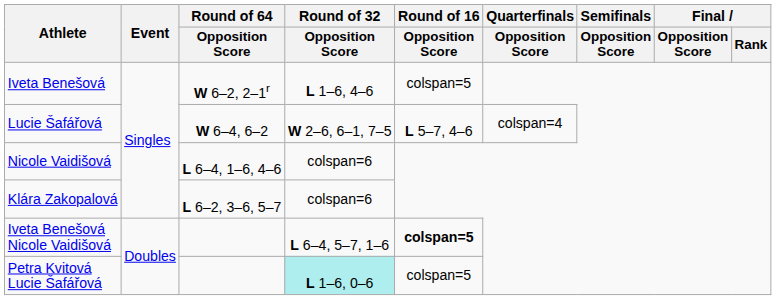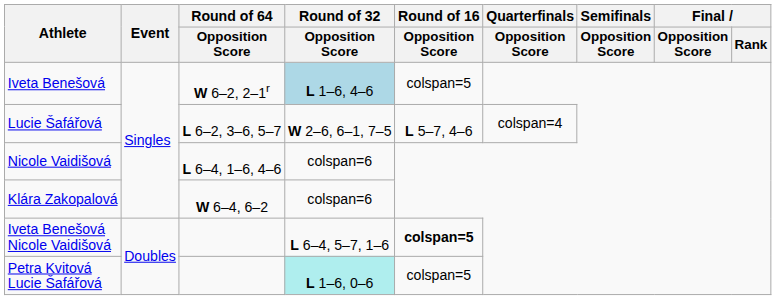 <table class=wikitable style="font-size:90%">
 <tr>
 <th rowspan="2">Athlete</th>
 <th rowspan="2">Event</th>
 <th>Round of 64</th>
 <th>Round of 32</th>
 <th>Round of 16</th>
 <th>Quarterfinals</th>
 <th>Semifinals</th>
 <th colspan=2>Final / </th>
 </tr>
 <tr style="font-size:95%">
 <th>Opposition<br>Score</th>
 <th>Opposition<br>Score</th>
 <th>Opposition<br>Score</th>
 <th>Opposition<br>Score</th>
 <th>Opposition<br>Score</th>
 <th>Opposition<br>Score</th>
 <th>Rank</th>
 </tr>
 <tr align=center>
 <td align=left><a href='#'>Iveta Benešová</a></td>
 <td align=left rowspan=4><a href='#'>Singles</a></td>
 <td><br><strong>W</strong> 6–2, 2–1<sup>r</sup></td>
-<td><br><strong>L</strong> 1–6, 4–6</td>
+<td style="background: lightblue;"><br><strong>L</strong> 1–6, 4–6</td>
 <td>colspan=5 </td>
 </tr>
 <tr align=center>
 <td align=left><a href='#'>Lucie Šafářová</a></td>
-<td><br><strong>W</strong> 6–4, 6–2</td>
+<td><br><strong>L</strong> 6–2, 3–6, 5–7</td>
 <td><br><strong>W</strong> 2–6, 6–1, 7–5</td>
 <td><br><strong>L</strong> 5–7, 4–6</td>
 <td>colspan=4 </td>
 </tr>
 <tr align=center>
 <td align=left><a href='#'>Nicole Vaidišová</a></td>
 <td><br><strong>L</strong> 6–4, 1–6, 4–6</td>
 <td>colspan=6 </td>
 </tr>
 <tr align=center>
 <td align=left><a href='#'>Klára Zakopalová</a></td>
-<td><br><strong>L</strong> 6–2, 3–6, 5–7</td>
+<td><br><strong>W</strong> 6–4, 6–2</td>
 <td>colspan=6 </td>
 </tr>
 <tr align=center>
 <td align=left><a href='#'>Iveta Benešová</a><br><a href='#'>Nicole Vaidišová</a></td>
 <td align=left rowspan=2><a href='#'>Doubles</a></td>
 <td></td>
 <td><br><strong>L</strong> 6–4, 5–7, 1–6</td>
 <td><strong>colspan=5 </strong></td>
 </tr>
 <tr align=center>
 <td align=left><a href='#'>Petra Kvitová</a><br><a href='#'>Lucie Šafářová</a></td>
 <td></td>
 <td style="background: paleturquoise;"><br><strong>L</strong> 1–6, 0–6</td>
 <td>colspan=5 </td>
 </tr>
 </table>
